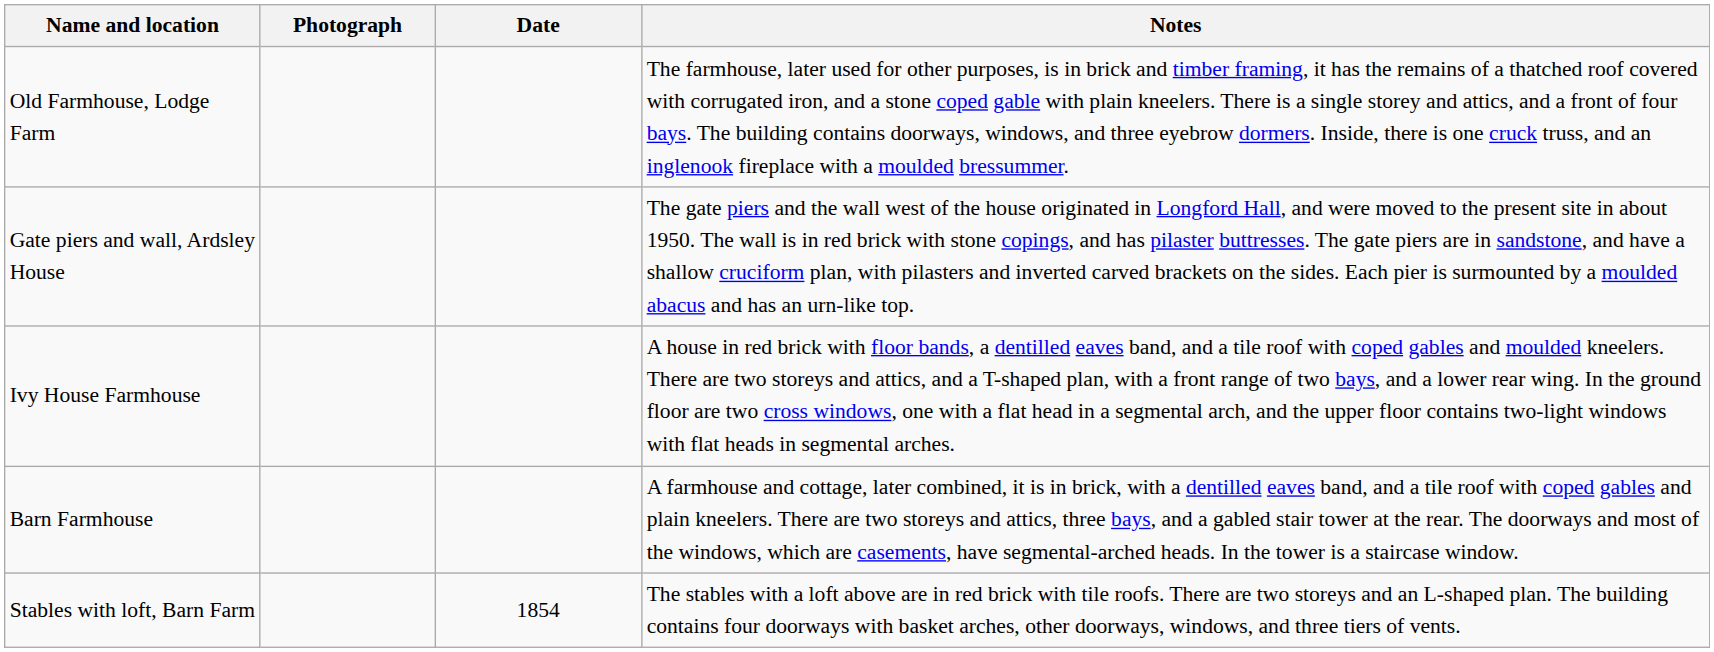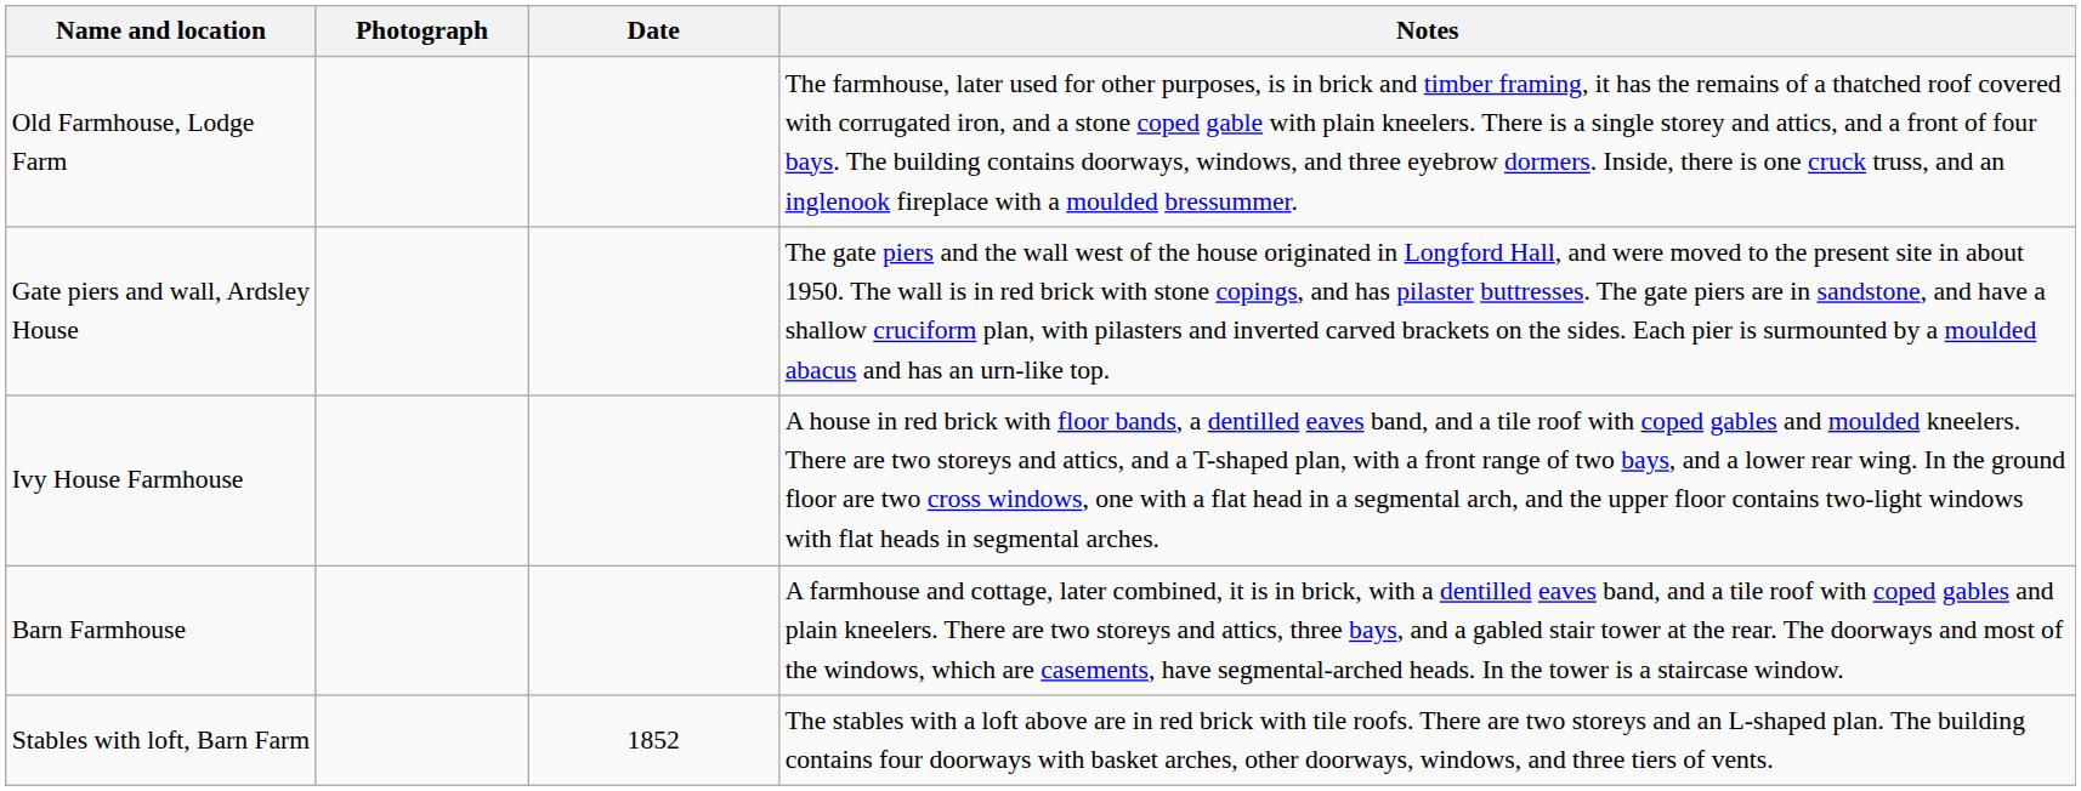 <table class="wikitable sortable plainrowheaders" style="width:100%;border:0px;text-align:left;line-height:150%;">
 <tr>
 <th scope="col"  style="width:150px">Name and location</th>
 <th scope="col"  style="width:100px" class="unsortable">Photograph</th>
 <th scope="col"  style="width:120px">Date</th>
 <th scope="col"  style="width:650px" class="unsortable">Notes</th>
 </tr>
 <tr>
 <td>Old Farmhouse, Lodge Farm<br><small></small></td>
 <td></td>
 <td align="center"></td>
 <td>The farmhouse, later used for other purposes, is in brick and <a href='#'>timber framing</a>, it has the remains of a thatched roof covered with corrugated iron, and a stone <a href='#'>coped</a> <a href='#'>gable</a> with plain kneelers.  There is a single storey and attics, and a front of four <a href='#'>bays</a>.  The building contains doorways, windows, and three eyebrow <a href='#'>dormers</a>.  Inside, there is one <a href='#'>cruck</a> truss, and an <a href='#'>inglenook</a> fireplace with a <a href='#'>moulded</a> <a href='#'>bressummer</a>.</td>
 </tr>
 <tr>
 <td>Gate piers and wall, Ardsley House<br><small></small></td>
 <td></td>
 <td align="center"></td>
 <td>The gate <a href='#'>piers</a> and the wall west of the house originated in <a href='#'>Longford Hall</a>, and were moved to the present site in about 1950.  The wall is in red brick with stone <a href='#'>copings</a>, and has <a href='#'>pilaster</a> <a href='#'>buttresses</a>.  The gate piers are in <a href='#'>sandstone</a>, and have a shallow <a href='#'>cruciform</a> plan, with pilasters and inverted carved brackets on the sides.  Each pier is surmounted by a <a href='#'>moulded</a> <a href='#'>abacus</a> and has an urn-like top.</td>
 </tr>
 <tr>
 <td>Ivy House Farmhouse<br><small></small></td>
 <td></td>
 <td align="center"></td>
 <td>A house in red brick with <a href='#'>floor bands</a>, a <a href='#'>dentilled</a> <a href='#'>eaves</a> band, and a tile roof with <a href='#'>coped</a> <a href='#'>gables</a> and <a href='#'>moulded</a> kneelers.  There are two storeys and attics, and a T-shaped plan, with a front range of two <a href='#'>bays</a>, and a lower rear wing.  In the ground floor are two <a href='#'>cross windows</a>, one with a flat head in a segmental arch, and the upper floor contains two-light windows with flat heads in segmental arches.</td>
 </tr>
 <tr>
 <td>Barn Farmhouse<br><small></small></td>
 <td></td>
 <td align="center"></td>
 <td>A farmhouse and cottage, later combined, it is in brick, with a <a href='#'>dentilled</a> <a href='#'>eaves</a> band, and a tile roof with <a href='#'>coped</a> <a href='#'>gables</a> and plain kneelers.  There are two storeys and attics, three <a href='#'>bays</a>, and a gabled stair tower at the rear.  The doorways and most of the windows, which are <a href='#'>casements</a>, have segmental-arched heads.  In the tower is a staircase window.</td>
 </tr>
 <tr>
 <td>Stables with loft, Barn Farm<br><small></small></td>
 <td></td>
-<td align="center">1854</td>
+<td align="center">1852</td>
 <td>The stables with a loft above are in red brick with tile roofs.  There are two storeys and an L-shaped plan.  The building contains four doorways with basket arches, other doorways, windows, and three tiers of vents.</td>
 </tr>
 <tr>
 </tr>
 </table>
